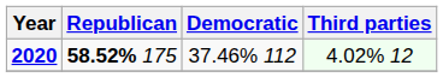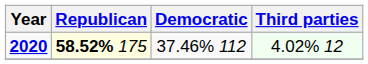 <table class="wikitable" style="float:right; font-size:95%;">
 <tr bgcolor=lightgrey>
 <th>Year</th>
 <th><a href='#'>Republican</a></th>
 <th><a href='#'>Democratic</a></th>
 <th><a href='#'>Third parties</a></th>
 </tr>
 <tr>
 <td style="text-align:center;" ><strong><a href='#'>2020</a></strong></td>
-<td style="text-align:center;" ><strong>58.52%</strong> <em>175</em></td>
+<td style="background: lightyellow; text-align:center;" ><strong>58.52%</strong> <em>175</em></td>
 <td style="text-align:center;" >37.46% <em>112</em></td>
 <td style="text-align:center; background:honeyDew;">4.02% <em>12</em></td>
 </tr>
 <tr>
 </tr>
 </table>
